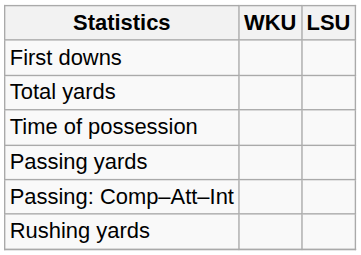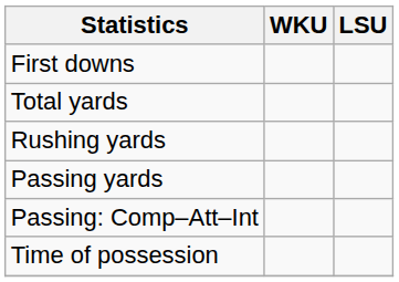 <table class="wikitable" style="float: left;">
 <tr>
 <th>Statistics</th>
 <th>WKU</th>
 <th>LSU</th>
 </tr>
 <tr>
 <td>First downs</td>
 <td></td>
 <td></td>
 </tr>
 <tr>
 <td>Total yards</td>
 <td></td>
 <td></td>
 </tr>
 <tr>
-<td>Time of possession</td>
+<td>Rushing yards</td>
 <td></td>
 <td></td>
 </tr>
 <tr>
 <td>Passing yards</td>
 <td></td>
 <td></td>
 </tr>
 <tr>
 <td>Passing: Comp–Att–Int</td>
 <td></td>
 <td></td>
 </tr>
 <tr>
-<td>Rushing yards</td>
+<td>Time of possession</td>
 <td></td>
 <td></td>
 </tr>
 <tr>
 </tr>
 </table>
